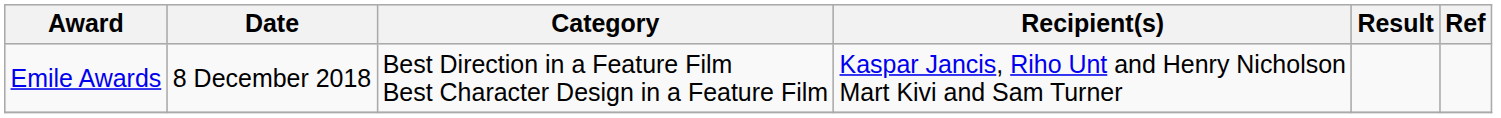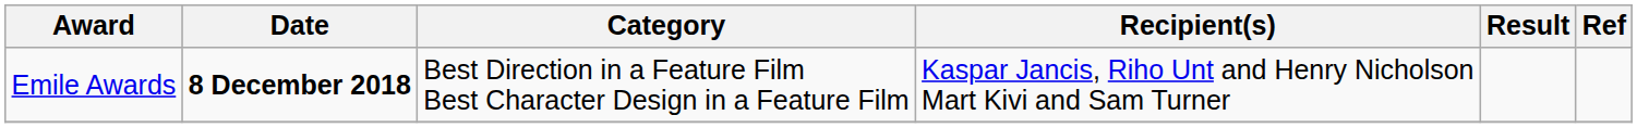 <table class="wikitable">
 <tr>
 <th>Award</th>
 <th>Date</th>
 <th>Category</th>
 <th>Recipient(s)</th>
 <th>Result</th>
 <th>Ref</th>
 </tr>
 <tr>
 <td><a href='#'>Emile Awards</a></td>
-<td>8 December 2018</td>
+<td><strong>8 December 2018</strong></td>
 <td>Best Direction in a Feature Film<br>Best Character Design in a Feature Film</td>
 <td><a href='#'>Kaspar Jancis</a>, <a href='#'>Riho Unt</a> and Henry Nicholson<br>Mart Kivi and Sam Turner</td>
 <td></td>
 <td></td>
 </tr>
 <tr>
 </tr>
 </table>
